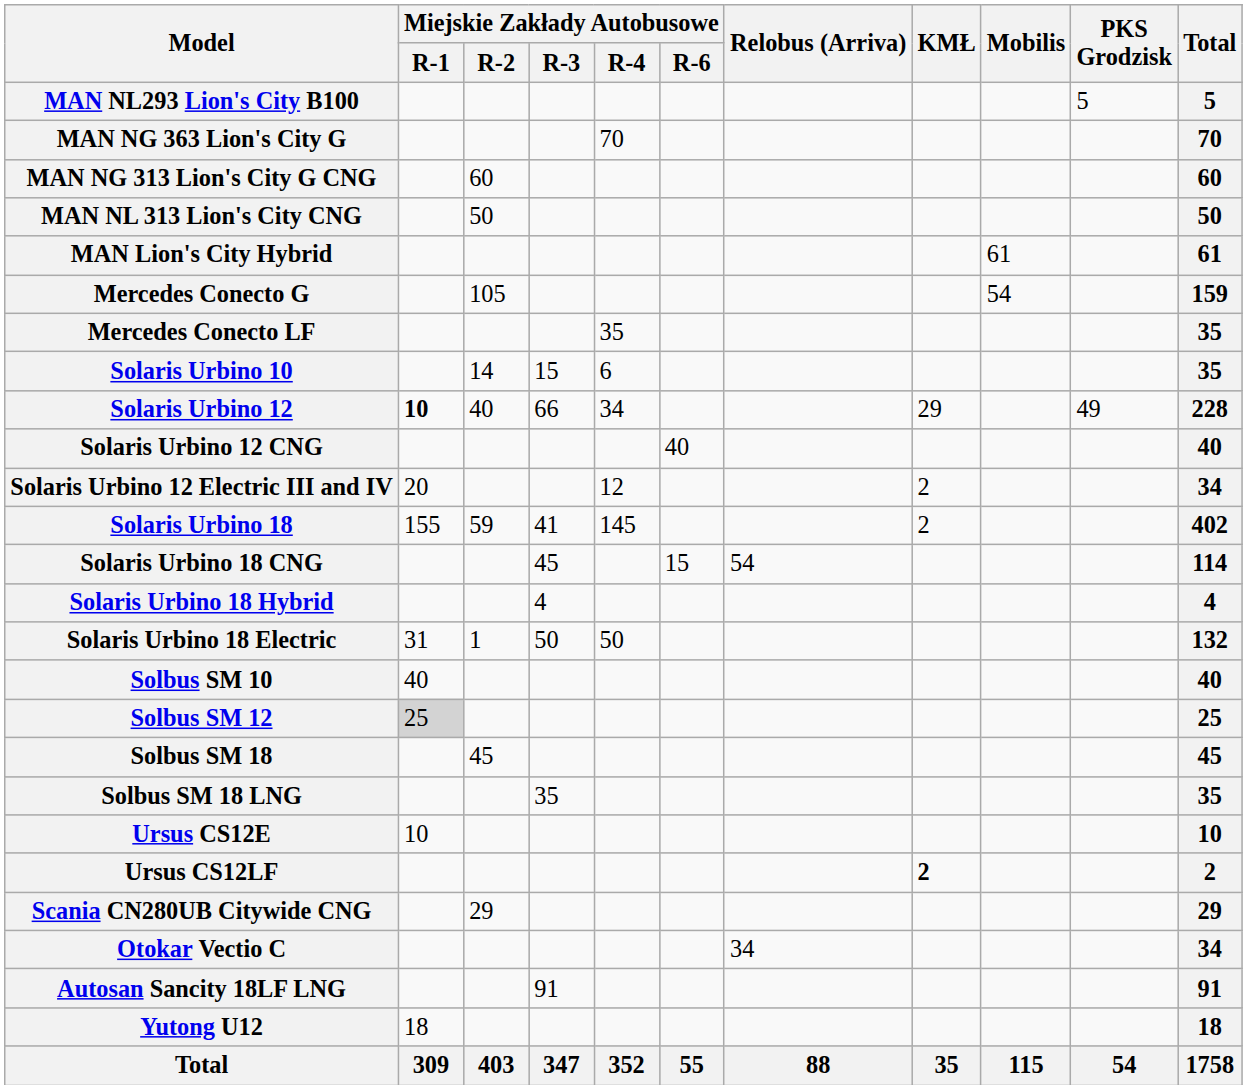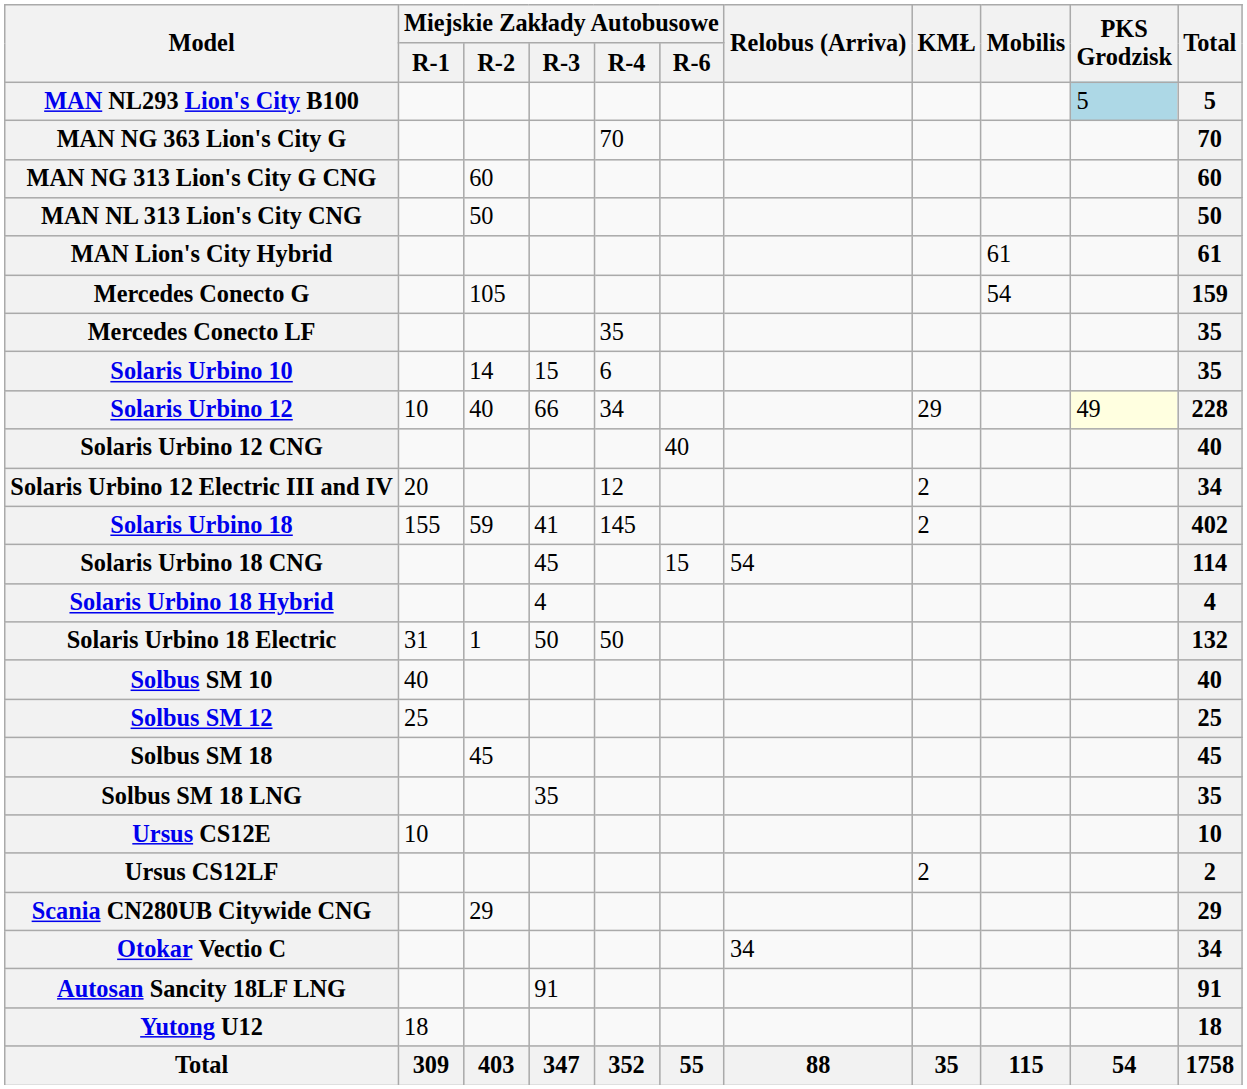 <table class="wikitable">
 <tr>
 <th rowspan="2">Model</th>
 <th colspan="5">Miejskie Zakłady Autobusowe</th>
 <th rowspan="2">Relobus (Arriva)</th>
 <th rowspan="2">KMŁ</th>
 <th rowspan="2">Mobilis</th>
 <th rowspan="2">PKS<br>Grodzisk</th>
 <th rowspan="2">Total</th>
 </tr>
 <tr>
 <th>R-1</th>
 <th>R-2</th>
 <th>R-3</th>
 <th>R-4</th>
 <th>R-6</th>
 </tr>
 <tr>
 <th><a href='#'>MAN</a> NL293 <a href='#'>Lion's City</a> B100</th>
 <td></td>
 <td></td>
 <td></td>
 <td></td>
 <td></td>
 <td></td>
 <td></td>
 <td></td>
-<td>5</td>
+<td style="background: lightblue;">5</td>
 <th>5</th>
 </tr>
 <tr>
 <th>MAN NG 363 Lion's City G</th>
 <td></td>
 <td></td>
 <td></td>
 <td>70</td>
 <td></td>
 <td></td>
 <td></td>
 <td></td>
 <td></td>
 <th>70</th>
 </tr>
 <tr>
 <th>MAN NG 313 Lion's City G CNG</th>
 <td></td>
 <td>60</td>
 <td></td>
 <td></td>
 <td></td>
 <td></td>
 <td></td>
 <td></td>
 <td></td>
 <th>60</th>
 </tr>
 <tr>
 <th>MAN NL 313 Lion's City CNG</th>
 <td></td>
 <td>50</td>
 <td></td>
 <td></td>
 <td></td>
 <td></td>
 <td></td>
 <td></td>
 <td></td>
 <th>50</th>
 </tr>
 <tr>
 <th>MAN Lion's City Hybrid</th>
 <td></td>
 <td></td>
 <td></td>
 <td></td>
 <td></td>
 <td></td>
 <td></td>
 <td>61</td>
 <td></td>
 <th>61</th>
 </tr>
 <tr>
 <th>Mercedes Conecto G</th>
 <td></td>
 <td>105</td>
 <td></td>
 <td></td>
 <td></td>
 <td></td>
 <td></td>
 <td>54</td>
 <td></td>
 <th>159</th>
 </tr>
 <tr>
 <th>Mercedes Conecto LF</th>
 <td></td>
 <td></td>
 <td></td>
 <td>35</td>
 <td></td>
 <td></td>
 <td></td>
 <td></td>
 <td></td>
 <th>35</th>
 </tr>
 <tr>
 <th><a href='#'>Solaris Urbino 10</a></th>
 <td></td>
 <td>14</td>
 <td>15</td>
 <td>6</td>
 <td></td>
 <td></td>
 <td></td>
 <td></td>
 <td></td>
 <th>35</th>
 </tr>
 <tr>
 <th><a href='#'>Solaris Urbino 12</a></th>
-<td><strong>10</strong></td>
+<td>10</td>
 <td>40</td>
 <td>66</td>
 <td>34</td>
 <td></td>
 <td></td>
 <td>29</td>
 <td></td>
-<td>49</td>
+<td style="background: lightyellow;">49</td>
 <th>228</th>
 </tr>
 <tr>
 <th>Solaris Urbino 12 CNG</th>
 <td></td>
 <td></td>
 <td></td>
 <td></td>
 <td>40</td>
 <td></td>
 <td></td>
 <td></td>
 <td></td>
 <th>40</th>
 </tr>
 <tr>
 <th>Solaris Urbino 12 Electric III and IV</th>
 <td>20</td>
 <td></td>
 <td></td>
 <td>12</td>
 <td></td>
 <td></td>
 <td>2</td>
 <td></td>
 <td></td>
 <th>34</th>
 </tr>
 <tr>
 <th><a href='#'>Solaris Urbino 18</a></th>
 <td>155</td>
 <td>59</td>
 <td>41</td>
 <td>145</td>
 <td></td>
 <td></td>
 <td>2</td>
 <td></td>
 <td></td>
 <th>402</th>
 </tr>
 <tr>
 <th>Solaris Urbino 18 CNG</th>
 <td></td>
 <td></td>
 <td>45</td>
 <td></td>
 <td>15</td>
 <td>54</td>
 <td></td>
 <td></td>
 <td></td>
 <th>114</th>
 </tr>
 <tr>
 <th><a href='#'>Solaris Urbino 18 Hybrid</a></th>
 <td></td>
 <td></td>
 <td>4</td>
 <td></td>
 <td></td>
 <td></td>
 <td></td>
 <td></td>
 <td></td>
 <th>4</th>
 </tr>
 <tr>
 <th>Solaris Urbino 18 Electric</th>
 <td>31</td>
 <td>1</td>
 <td>50</td>
 <td>50</td>
 <td></td>
 <td></td>
 <td></td>
 <td></td>
 <td></td>
 <th>132</th>
 </tr>
 <tr>
 <th><a href='#'>Solbus</a> SM 10</th>
 <td>40</td>
 <td></td>
 <td></td>
 <td></td>
 <td></td>
 <td></td>
 <td></td>
 <td></td>
 <td></td>
 <th>40</th>
 </tr>
 <tr>
 <th><a href='#'>Solbus SM 12</a></th>
-<td style="background: lightgrey;">25</td>
+<td>25</td>
 <td></td>
 <td></td>
 <td></td>
 <td></td>
 <td></td>
 <td></td>
 <td></td>
 <td></td>
 <th>25</th>
 </tr>
 <tr>
 <th>Solbus SM 18</th>
 <td></td>
 <td>45</td>
 <td></td>
 <td></td>
 <td></td>
 <td></td>
 <td></td>
 <td></td>
 <td></td>
 <th>45</th>
 </tr>
 <tr>
 <th>Solbus SM 18 LNG</th>
 <td></td>
 <td></td>
 <td>35</td>
 <td></td>
 <td></td>
 <td></td>
 <td></td>
 <td></td>
 <td></td>
 <th>35</th>
 </tr>
 <tr>
 <th><a href='#'>Ursus</a> CS12E</th>
 <td>10</td>
 <td></td>
 <td></td>
 <td></td>
 <td></td>
 <td></td>
 <td></td>
 <td></td>
 <td></td>
 <th>10</th>
 </tr>
 <tr>
 <th><strong>Ursus CS12LF</strong></th>
 <td></td>
 <td></td>
 <td></td>
 <td></td>
 <td></td>
 <td></td>
-<td><strong>2</strong></td>
+<td>2</td>
 <td></td>
 <td></td>
 <th>2</th>
 </tr>
 <tr>
 <th><a href='#'>Scania</a> CN280UB Citywide CNG</th>
 <td></td>
 <td>29</td>
 <td></td>
 <td></td>
 <td></td>
 <td></td>
 <td></td>
 <td></td>
 <td></td>
 <th>29</th>
 </tr>
 <tr>
 <th><a href='#'>Otokar</a> <strong>Vectio C</strong></th>
 <td></td>
 <td></td>
 <td></td>
 <td></td>
 <td></td>
 <td>34</td>
 <td></td>
 <td></td>
 <td></td>
 <th>34</th>
 </tr>
 <tr>
 <th><a href='#'>Autosan</a> Sancity 18LF LNG</th>
 <td></td>
 <td></td>
 <td>91</td>
 <td></td>
 <td></td>
 <td></td>
 <td></td>
 <td></td>
 <td></td>
 <th>91</th>
 </tr>
 <tr>
 <th><a href='#'>Yutong</a> U12</th>
 <td>18</td>
 <td></td>
 <td></td>
 <td></td>
 <td></td>
 <td></td>
 <td></td>
 <td></td>
 <td></td>
 <th>18</th>
 </tr>
 <tr>
 <th>Total</th>
 <th>309</th>
 <th>403</th>
 <th>347</th>
 <th>352</th>
 <th>55</th>
 <th>88</th>
 <th>35</th>
 <th>115</th>
 <th>54</th>
 <th>1758</th>
 </tr>
 </table>
